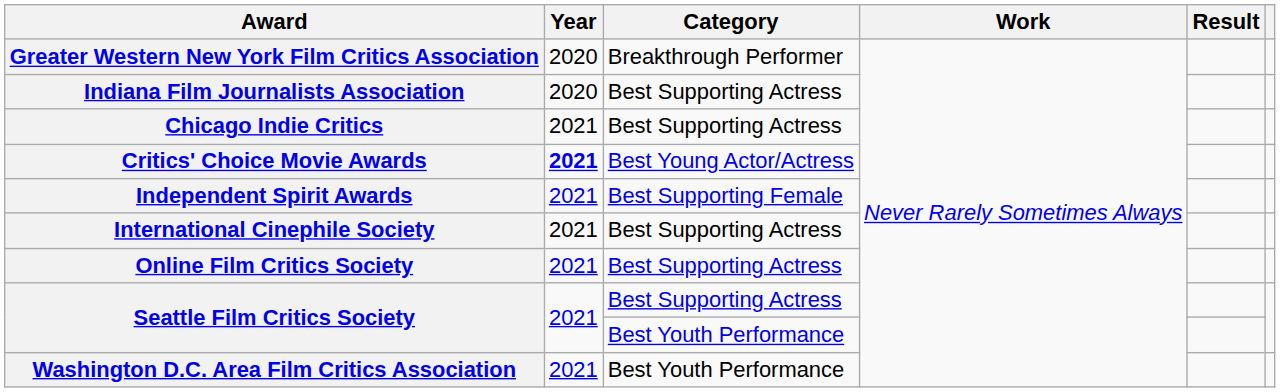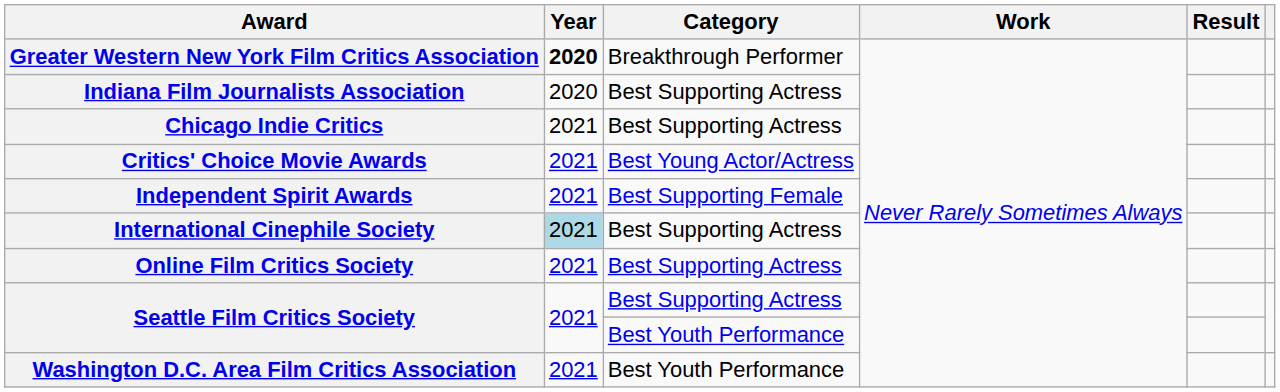 <table class="wikitable sortable plainrowheaders col6center">
 <tr>
 <th scope="col">Award</th>
 <th scope="col">Year</th>
 <th scope="col">Category</th>
 <th scope="col">Work</th>
 <th scope="col">Result</th>
 <th scope="col" class="unsortable"></th>
 </tr>
 <tr>
 <th scope="row"><a href='#'>Greater Western New York Film Critics Association</a></th>
-<td style="text-align:center;">2020</td>
+<td style="text-align:center;"><strong>2020</strong></td>
 <td>Breakthrough Performer</td>
 <td rowspan="10"><em><a href='#'>Never Rarely Sometimes Always</a></em></td>
 <td></td>
 <td style="text-align:center;"></td>
 </tr>
 <tr>
 <th scope="row"><a href='#'>Indiana Film Journalists Association</a></th>
 <td style="text-align:center;">2020</td>
 <td>Best Supporting Actress</td>
 <td></td>
 <td style="text-align:center;"></td>
 </tr>
 <tr>
 <th scope="row"><a href='#'>Chicago Indie Critics</a></th>
 <td style="text-align:center;">2021</td>
 <td>Best Supporting Actress</td>
 <td></td>
 <td style="text-align:center;"></td>
 </tr>
 <tr>
 <th scope="row"><a href='#'>Critics' Choice Movie Awards</a></th>
-<td style="text-align:center;"><strong><a href='#'>2021</a></strong></td>
+<td style="text-align:center;"><a href='#'>2021</a></td>
 <td><a href='#'>Best Young Actor/Actress</a></td>
 <td></td>
 <td style="text-align:center;"></td>
 </tr>
 <tr>
 <th scope="row"><a href='#'>Independent Spirit Awards</a></th>
 <td style="text-align:center;"><a href='#'>2021</a></td>
 <td><a href='#'>Best Supporting Female</a></td>
 <td></td>
 <td style="text-align:center;"></td>
 </tr>
 <tr>
 <th scope="row"><a href='#'>International Cinephile Society</a></th>
-<td style="text-align:center;">2021</td>
+<td style="background: lightblue; text-align:center;">2021</td>
 <td>Best Supporting Actress</td>
 <td></td>
 <td style="text-align:center;"></td>
 </tr>
 <tr>
 <th scope="row"><a href='#'>Online Film Critics Society</a></th>
 <td style="text-align:center;"><a href='#'>2021</a></td>
 <td><a href='#'>Best Supporting Actress</a></td>
 <td></td>
 <td style="text-align:center;"></td>
 </tr>
 <tr>
 <th scope="row" rowspan="2"><a href='#'>Seattle Film Critics Society</a></th>
 <td rowspan="2" style="text-align:center;"><a href='#'>2021</a></td>
 <td><a href='#'>Best Supporting Actress</a></td>
 <td></td>
 <td style="text-align:center;" rowspan="2"></td>
 </tr>
 <tr>
 <td><a href='#'>Best Youth Performance</a></td>
 <td></td>
 </tr>
 <tr>
 <th scope="row"><a href='#'>Washington D.C. Area Film Critics Association</a></th>
 <td style="text-align:center;"><a href='#'>2021</a></td>
 <td>Best Youth Performance</td>
 <td></td>
 <td style="text-align:center;"></td>
 </tr>
 </table>
